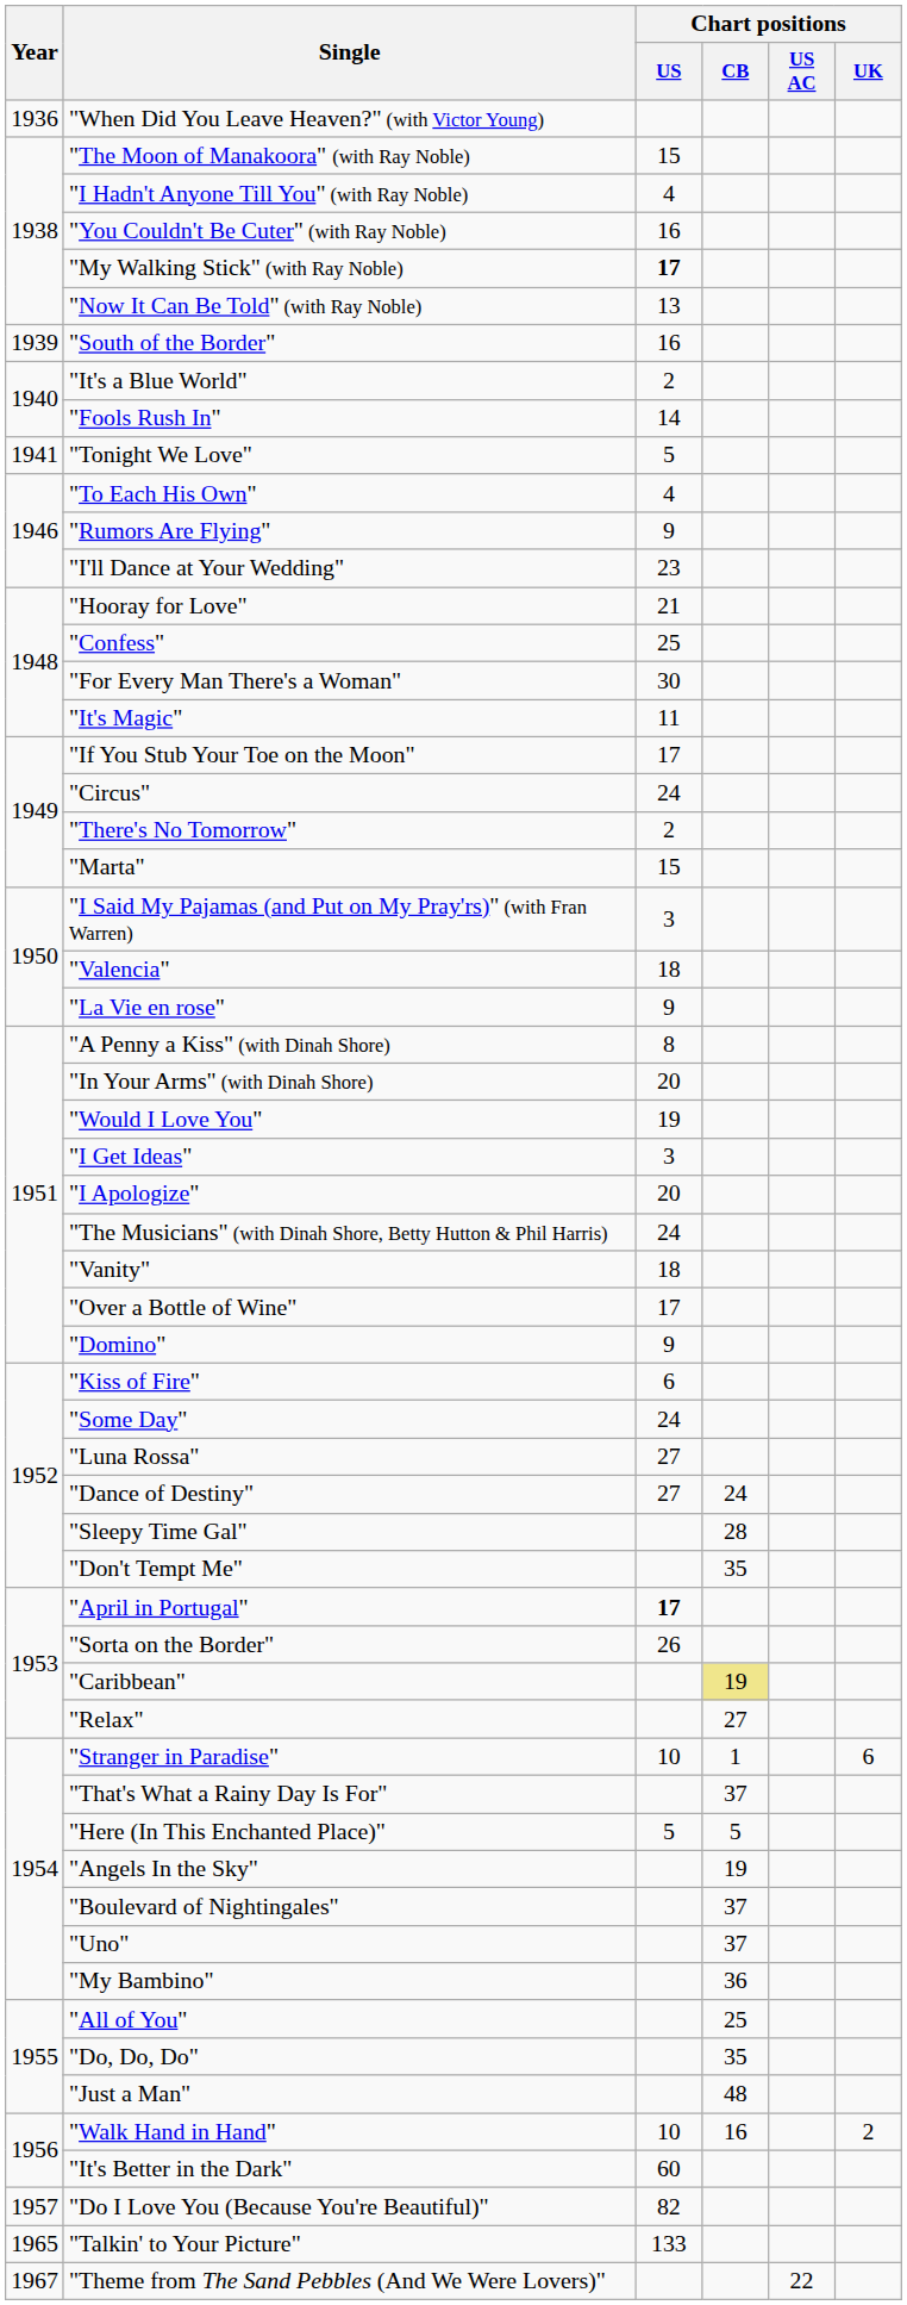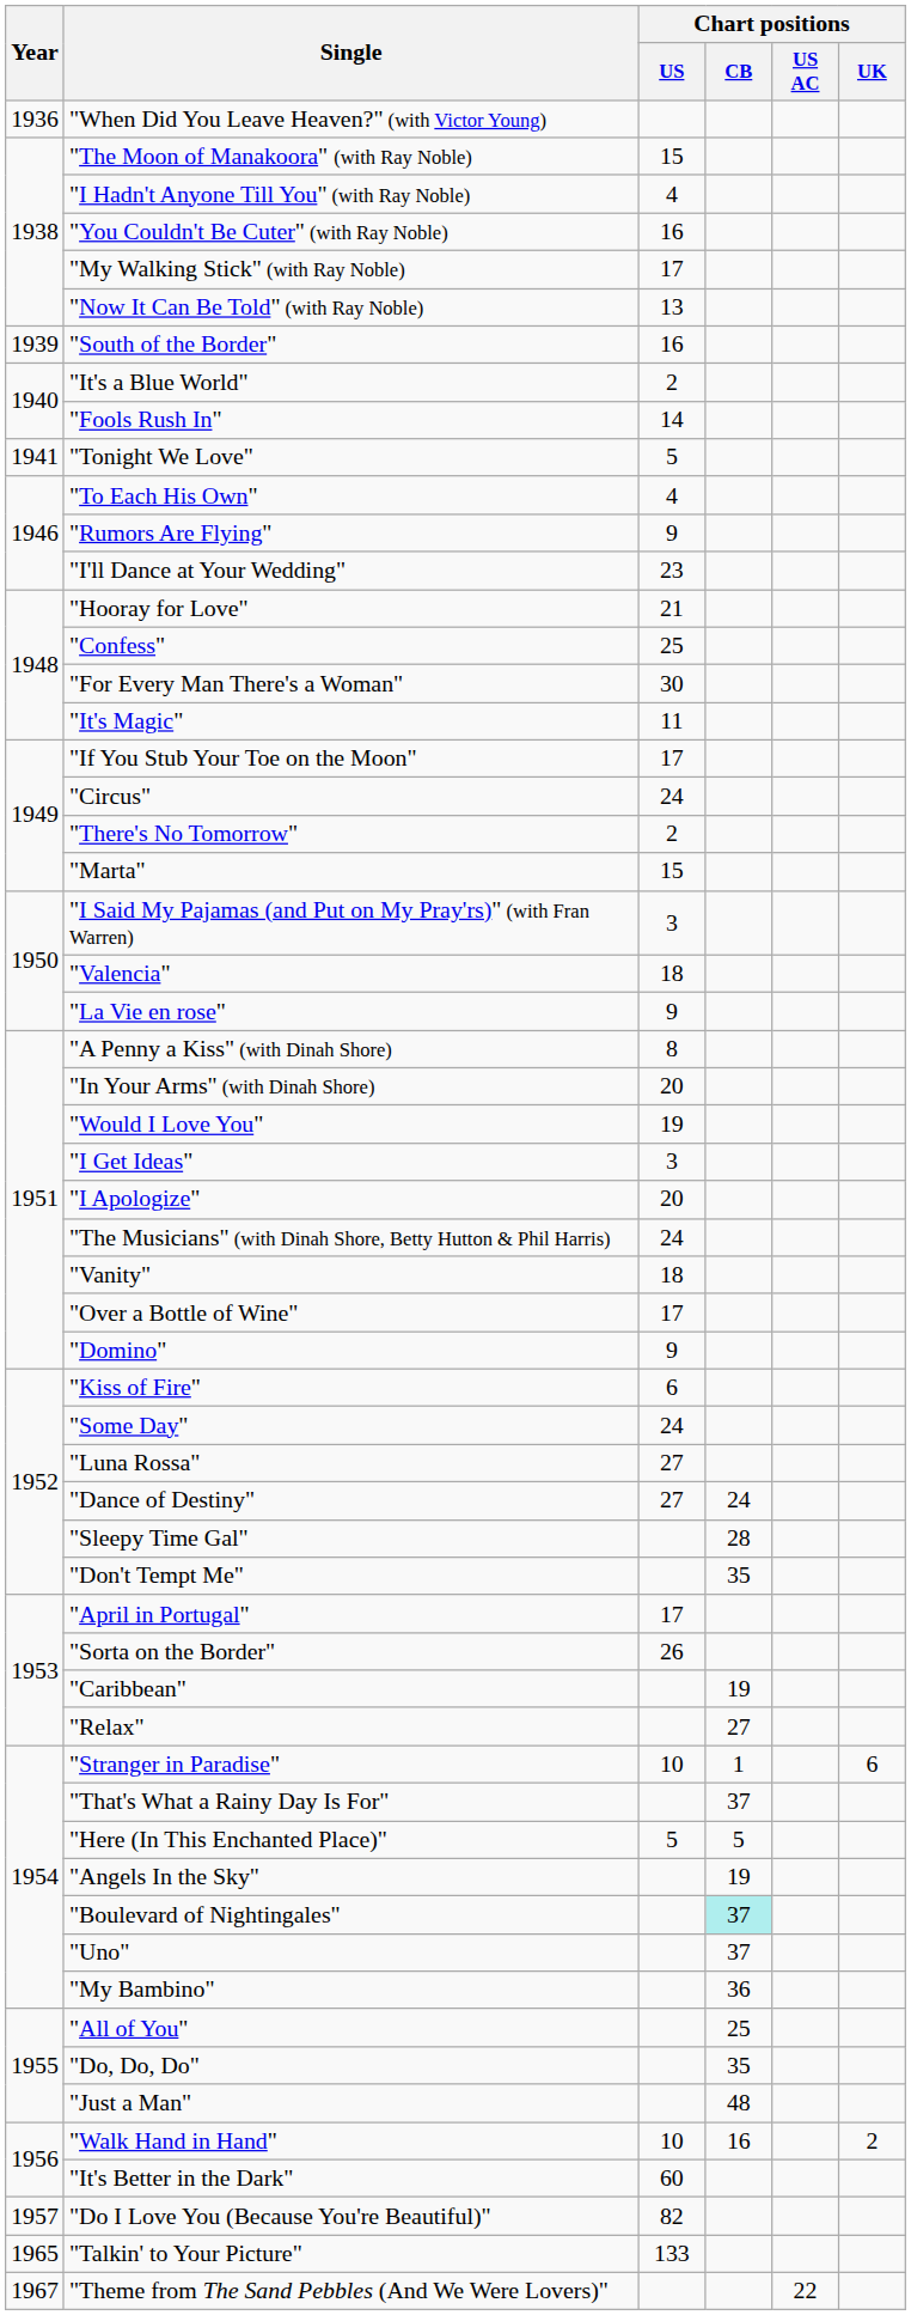 <table class="wikitable" style="text-align:center;">
 <tr>
 <th rowspan="2">Year</th>
 <th style="width:400px;" rowspan="2">Single</th>
 <th colspan="4">Chart positions</th>
 </tr>
 <tr style="font-size:smaller;">
 <th style="width:40px;"><a href='#'>US</a></th>
 <th style="width:40px;"><a href='#'>CB</a></th>
 <th style="width:40px;"><a href='#'>US<br>AC</a></th>
 <th style="width:40px;"><a href='#'>UK</a></th>
 </tr>
 <tr>
 <td>1936</td>
 <td style="text-align:left;">"When Did You Leave Heaven?"<small> (with <a href='#'>Victor Young</a>)</small></td>
 <td></td>
 <td></td>
 <td></td>
 <td></td>
 </tr>
 <tr>
 <td rowspan="5">1938</td>
 <td style="text-align:left;">"<a href='#'>The Moon of Manakoora</a>" <small>(with Ray Noble)</small></td>
 <td>15</td>
 <td></td>
 <td></td>
 <td></td>
 </tr>
 <tr>
 <td style="text-align:left;">"<a href='#'>I Hadn't Anyone Till You</a>"<small> (with Ray Noble)</small></td>
 <td>4</td>
 <td></td>
 <td></td>
 <td></td>
 </tr>
 <tr>
 <td style="text-align:left;">"<a href='#'>You Couldn't Be Cuter</a>"<small> (with Ray Noble)</small></td>
 <td>16</td>
 <td></td>
 <td></td>
 <td></td>
 </tr>
 <tr>
 <td style="text-align:left;">"My Walking Stick"<small> (with Ray Noble)</small></td>
-<td><strong>17</strong></td>
+<td>17</td>
 <td></td>
 <td></td>
 <td></td>
 </tr>
 <tr>
 <td style="text-align:left;">"<a href='#'>Now It Can Be Told</a>"<small> (with Ray Noble)</small></td>
 <td>13</td>
 <td></td>
 <td></td>
 <td></td>
 </tr>
 <tr>
 <td>1939</td>
 <td style="text-align:left;">"<a href='#'>South of the Border</a>"</td>
 <td>16</td>
 <td></td>
 <td></td>
 <td></td>
 </tr>
 <tr>
 <td rowspan="2">1940</td>
 <td style="text-align:left;">"It's a Blue World"</td>
 <td>2</td>
 <td></td>
 <td></td>
 <td></td>
 </tr>
 <tr>
 <td style="text-align:left;">"<a href='#'>Fools Rush In</a>"</td>
 <td>14</td>
 <td></td>
 <td></td>
 <td></td>
 </tr>
 <tr>
 <td>1941</td>
 <td style="text-align:left;">"Tonight We Love"</td>
 <td>5</td>
 <td></td>
 <td></td>
 <td></td>
 </tr>
 <tr>
 <td rowspan="3">1946</td>
 <td style="text-align:left;">"<a href='#'>To Each His Own</a>"</td>
 <td>4</td>
 <td></td>
 <td></td>
 <td></td>
 </tr>
 <tr>
 <td style="text-align:left;">"<a href='#'>Rumors Are Flying</a>"</td>
 <td>9</td>
 <td></td>
 <td></td>
 <td></td>
 </tr>
 <tr>
 <td style="text-align:left;">"I'll Dance at Your Wedding"</td>
 <td>23</td>
 <td></td>
 <td></td>
 <td></td>
 </tr>
 <tr>
 <td rowspan="4">1948</td>
 <td style="text-align:left;">"Hooray for Love"</td>
 <td>21</td>
 <td></td>
 <td></td>
 <td></td>
 </tr>
 <tr>
 <td style="text-align:left;">"<a href='#'>Confess</a>"</td>
 <td>25</td>
 <td></td>
 <td></td>
 <td></td>
 </tr>
 <tr>
 <td style="text-align:left;">"For Every Man There's a Woman"</td>
 <td>30</td>
 <td></td>
 <td></td>
 <td></td>
 </tr>
 <tr>
 <td style="text-align:left;">"<a href='#'>It's Magic</a>"</td>
 <td>11</td>
 <td></td>
 <td></td>
 <td></td>
 </tr>
 <tr>
 <td rowspan="4">1949</td>
 <td style="text-align:left;">"If You Stub Your Toe on the Moon"</td>
 <td>17</td>
 <td></td>
 <td></td>
 <td></td>
 </tr>
 <tr>
 <td style="text-align:left;">"Circus"</td>
 <td>24</td>
 <td></td>
 <td></td>
 <td></td>
 </tr>
 <tr>
 <td style="text-align:left;">"<a href='#'>There's No Tomorrow</a>"</td>
 <td>2</td>
 <td></td>
 <td></td>
 <td></td>
 </tr>
 <tr>
 <td style="text-align:left;">"Marta"</td>
 <td>15</td>
 <td></td>
 <td></td>
 <td></td>
 </tr>
 <tr>
 <td rowspan="3">1950</td>
 <td style="text-align:left;">"<a href='#'>I Said My Pajamas (and Put on My Pray'rs)</a>"<small> (with Fran Warren)</small></td>
 <td>3</td>
 <td></td>
 <td></td>
 <td></td>
 </tr>
 <tr>
 <td style="text-align:left;">"<a href='#'>Valencia</a>"</td>
 <td>18</td>
 <td></td>
 <td></td>
 <td></td>
 </tr>
 <tr>
 <td style="text-align:left;">"<a href='#'>La Vie en rose</a>"</td>
 <td>9</td>
 <td></td>
 <td></td>
 <td></td>
 </tr>
 <tr>
 <td rowspan="9">1951</td>
 <td style="text-align:left;">"A Penny a Kiss"<small> (with Dinah Shore)</small></td>
 <td>8</td>
 <td></td>
 <td></td>
 <td></td>
 </tr>
 <tr>
 <td style="text-align:left;">"In Your Arms"<small> (with Dinah Shore)</small></td>
 <td>20</td>
 <td></td>
 <td></td>
 <td></td>
 </tr>
 <tr>
 <td style="text-align:left;">"<a href='#'>Would I Love You</a>"</td>
 <td>19</td>
 <td></td>
 <td></td>
 <td></td>
 </tr>
 <tr>
 <td style="text-align:left;">"<a href='#'>I Get Ideas</a>"</td>
 <td>3</td>
 <td></td>
 <td></td>
 <td></td>
 </tr>
 <tr>
 <td style="text-align:left;">"<a href='#'>I Apologize</a>"</td>
 <td>20</td>
 <td></td>
 <td></td>
 <td></td>
 </tr>
 <tr>
 <td style="text-align:left;">"The Musicians"<small> (with Dinah Shore, Betty Hutton & Phil Harris)</small></td>
 <td>24</td>
 <td></td>
 <td></td>
 <td></td>
 </tr>
 <tr>
 <td style="text-align:left;">"Vanity"</td>
 <td>18</td>
 <td></td>
 <td></td>
 <td></td>
 </tr>
 <tr>
 <td style="text-align:left;">"Over a Bottle of Wine"</td>
 <td>17</td>
 <td></td>
 <td></td>
 <td></td>
 </tr>
 <tr>
 <td style="text-align:left;">"<a href='#'>Domino</a>"</td>
 <td>9</td>
 <td></td>
 <td></td>
 <td></td>
 </tr>
 <tr>
 <td rowspan="6">1952</td>
 <td style="text-align:left;">"<a href='#'>Kiss of Fire</a>"</td>
 <td>6</td>
 <td></td>
 <td></td>
 <td></td>
 </tr>
 <tr>
 <td style="text-align:left;">"<a href='#'>Some Day</a>"</td>
 <td>24</td>
 <td></td>
 <td></td>
 <td></td>
 </tr>
 <tr>
 <td style="text-align:left;">"Luna Rossa"</td>
 <td>27</td>
 <td></td>
 <td></td>
 <td></td>
 </tr>
 <tr>
 <td style="text-align:left;">"Dance of Destiny"</td>
 <td>27</td>
 <td>24</td>
 <td></td>
 <td></td>
 </tr>
 <tr>
 <td style="text-align:left;">"Sleepy Time Gal"</td>
 <td></td>
 <td>28</td>
 <td></td>
 <td></td>
 </tr>
 <tr>
 <td style="text-align:left;">"Don't Tempt Me"</td>
 <td></td>
 <td>35</td>
 <td></td>
 <td></td>
 </tr>
 <tr>
 <td rowspan="4">1953</td>
 <td style="text-align:left;">"<a href='#'>April in Portugal</a>"</td>
-<td><strong>17</strong></td>
+<td>17</td>
 <td></td>
 <td></td>
 <td></td>
 </tr>
 <tr>
 <td style="text-align:left;">"Sorta on the Border"</td>
 <td>26</td>
 <td></td>
 <td></td>
 <td></td>
 </tr>
 <tr>
 <td style="text-align:left;">"Caribbean"</td>
 <td></td>
-<td style="background: khaki;">19</td>
+<td>19</td>
 <td></td>
 <td></td>
 </tr>
 <tr>
 <td style="text-align:left;">"Relax"</td>
 <td></td>
 <td>27</td>
 <td></td>
 <td></td>
 </tr>
 <tr>
 <td rowspan="7">1954</td>
 <td style="text-align:left;">"<a href='#'>Stranger in Paradise</a>"</td>
 <td>10</td>
 <td>1</td>
 <td></td>
 <td>6</td>
 </tr>
 <tr>
 <td style="text-align:left;">"That's What a Rainy Day Is For"</td>
 <td></td>
 <td>37</td>
 <td></td>
 <td></td>
 </tr>
 <tr>
 <td style="text-align:left;">"Here (In This Enchanted Place)"</td>
 <td>5</td>
 <td>5</td>
 <td></td>
 <td></td>
 </tr>
 <tr>
 <td style="text-align:left;">"Angels In the Sky"</td>
 <td></td>
 <td>19</td>
 <td></td>
 <td></td>
 </tr>
 <tr>
 <td style="text-align:left;">"Boulevard of Nightingales"</td>
 <td></td>
-<td>37</td>
+<td style="background: paleturquoise;">37</td>
 <td></td>
 <td></td>
 </tr>
 <tr>
 <td style="text-align:left;">"Uno"</td>
 <td></td>
 <td>37</td>
 <td></td>
 <td></td>
 </tr>
 <tr>
 <td style="text-align:left;">"My Bambino"</td>
 <td></td>
 <td>36</td>
 <td></td>
 <td></td>
 </tr>
 <tr>
 <td rowspan="3">1955</td>
 <td style="text-align:left;">"<a href='#'>All of You</a>"</td>
 <td></td>
 <td>25</td>
 <td></td>
 <td></td>
 </tr>
 <tr>
 <td style="text-align:left;">"Do, Do, Do"</td>
 <td></td>
 <td>35</td>
 <td></td>
 <td></td>
 </tr>
 <tr>
 <td style="text-align:left;">"Just a Man"</td>
 <td></td>
 <td>48</td>
 <td></td>
 <td></td>
 </tr>
 <tr>
 <td rowspan="2">1956</td>
 <td style="text-align:left;">"<a href='#'>Walk Hand in Hand</a>"</td>
 <td>10</td>
 <td>16</td>
 <td></td>
 <td>2</td>
 </tr>
 <tr>
 <td style="text-align:left;">"It's Better in the Dark"</td>
 <td>60</td>
 <td></td>
 <td></td>
 <td></td>
 </tr>
 <tr>
 <td>1957</td>
 <td style="text-align:left;">"Do I Love You (Because You're Beautiful)"</td>
 <td>82</td>
 <td></td>
 <td></td>
 <td></td>
 </tr>
 <tr>
 <td>1965</td>
 <td style="text-align:left;">"Talkin' to Your Picture"</td>
 <td>133</td>
 <td></td>
 <td></td>
 <td></td>
 </tr>
 <tr>
 <td>1967</td>
 <td style="text-align:left;">"Theme from <em>The Sand Pebbles</em> (And We Were Lovers)"</td>
 <td></td>
 <td></td>
 <td>22</td>
 <td></td>
 </tr>
 </table>
